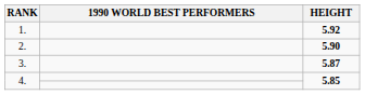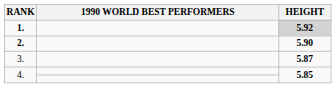 <table class="wikitable" style="border-collapse: collapse; font-size: 90%;">
 <tr>
 <th>RANK</th>
 <th align="center" style="width: 25em">1990 WORLD BEST PERFORMERS</th>
 <th align="center" style="width: 5em">HEIGHT</th>
 </tr>
 <tr>
-<td align="center">1.</td>
+<td align="center"><strong>1.</strong></td>
 <td></td>
-<td align="center"><strong>5.92</strong></td>
+<td align="center" style="background: lightgrey;"><strong>5.92</strong></td>
 </tr>
 <tr>
-<td align="center">2.</td>
+<td align="center"><strong>2.</strong></td>
 <td></td>
 <td align="center"><strong>5.90</strong></td>
 </tr>
 <tr>
 <td align="center">3.</td>
 <td></td>
 <td align="center"><strong>5.87</strong></td>
 </tr>
 <tr>
 <td rowspan=2 align="center">4.</td>
 <td></td>
 <td rowspan=2 align="center"><strong>5.85</strong></td>
 </tr>
 <tr>
 <td></td>
 </tr>
 </table>
